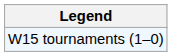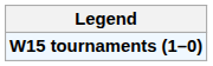 <table class="wikitable" style="font-size:85%">
 <tr>
 <th>Legend</th>
 </tr>
 <tr style="background:#f0f8ff;">
-<td>W15 tournaments (1–0)</td>
+<td><strong>W15 tournaments (1–0)</strong></td>
 </tr>
 </table>
